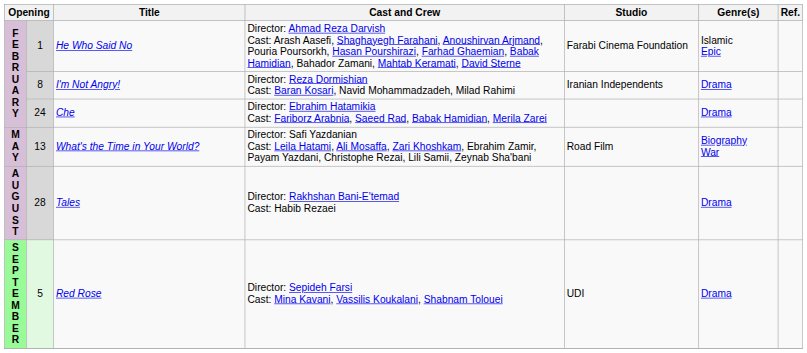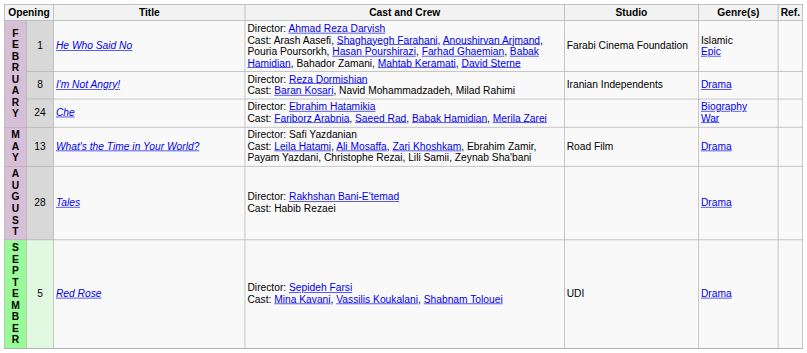 <table class="wikitable">
 <tr style="background:#b0e0e6; text-align:center;">
 <th colspan="2">Opening</th>
 <th style="width:24%;">Title</th>
 <th style="width:40%;">Cast and Crew</th>
 <th>Studio</th>
 <th style="width:10%;">Genre(s)</th>
 <th style="width:2%;">Ref.</th>
 </tr>
 <tr>
 <th rowspan="3" style="text-align:center; background:thistle; textcolor:#000;">F<br>E<br>B<br>R<br>U<br>A<br>R<br>Y</th>
 <td rowspan="1" style="text-align:center; background:#d8d8d8;">1</td>
 <td><em><a href='#'>He Who Said No</a></em></td>
 <td>Director: <a href='#'>Ahmad Reza Darvish</a> <br> Cast: Arash Aasefi, <a href='#'>Shaghayegh Farahani</a>, <a href='#'>Anoushirvan Arjmand</a>, Pouria Poursorkh, <a href='#'>Hasan Pourshirazi</a>, <a href='#'>Farhad Ghaemian</a>, <a href='#'>Babak Hamidian</a>, Bahador Zamani, <a href='#'>Mahtab Keramati</a>, <a href='#'>David Sterne</a></td>
 <td>Farabi Cinema Foundation</td>
 <td>Islamic <br> <a href='#'>Epic</a></td>
 <td style="text-align:center"></td>
 </tr>
 <tr>
 <td rowspan="1" style="text-align:center; background:#d8d8d8;">8</td>
 <td><em><a href='#'>I'm Not Angry!</a></em></td>
 <td>Director: <a href='#'>Reza Dormishian</a> <br> Cast: <a href='#'>Baran Kosari</a>, Navid Mohammadzadeh, Milad Rahimi</td>
 <td>Iranian Independents</td>
 <td><a href='#'>Drama</a></td>
 <td style="text-align:center"></td>
 </tr>
 <tr>
 <td rowspan="1" style="text-align:center; background:#d8d8d8;">24</td>
 <td><em><a href='#'>Che</a></em></td>
 <td>Director: <a href='#'>Ebrahim Hatamikia</a> <br> Cast: <a href='#'>Fariborz Arabnia</a>, <a href='#'>Saeed Rad</a>, <a href='#'>Babak Hamidian</a>, <a href='#'>Merila Zarei</a></td>
 <td></td>
-<td><a href='#'>Drama</a></td>
+<td><a href='#'>Biography</a> <br> <a href='#'>War</a></td>
 <td style="text-align:center"></td>
 </tr>
 <tr>
 <th rowspan="1" style="text-align:center; background:thistle; textcolor:#000;">M<br>A<br>Y</th>
 <td rowspan="1" style="text-align:center; background:#d8d8d8;">13</td>
 <td><em><a href='#'>What's the Time in Your World?</a></em></td>
 <td>Director: Safi Yazdanian <br> Cast: <a href='#'>Leila Hatami</a>, <a href='#'>Ali Mosaffa</a>, <a href='#'>Zari Khoshkam</a>, Ebrahim Zamir, Payam Yazdani, Christophe Rezai, Lili Samii, Zeynab Sha'bani</td>
 <td>Road Film</td>
-<td><a href='#'>Biography</a> <br> <a href='#'>War</a></td>
+<td><a href='#'>Drama</a></td>
 <td style="text-align:center"></td>
 </tr>
 <tr>
 <th rowspan="1" style="text-align:center; background:thistle; textcolor:#000;">A<br>U<br>G<br>U<br>S<br>T</th>
 <td rowspan="1" style="text-align:center; background:#d8d8d8;">28</td>
 <td><em><a href='#'>Tales</a></em></td>
 <td>Director: <a href='#'>Rakhshan Bani-E'temad</a> <br> Cast: Habib Rezaei</td>
 <td></td>
 <td><a href='#'>Drama</a></td>
 <td style="text-align:center"></td>
 </tr>
 <tr>
 <th rowspan="1" style="text-align:center; background:#98fb98; textcolor:#000;">S<br>E<br>P<br>T<br>E<br>M<br>B<br>E<br>R</th>
 <td rowspan="1" style="text-align:center; background:#e0f9e0;">5</td>
 <td><em><a href='#'>Red Rose</a></em></td>
 <td>Director: <a href='#'>Sepideh Farsi</a> <br> Cast: <a href='#'>Mina Kavani</a>, <a href='#'>Vassilis Koukalani</a>, <a href='#'>Shabnam Tolouei</a></td>
 <td>UDI</td>
 <td><a href='#'>Drama</a></td>
 <td style="text-align:center"></td>
 </tr>
 <tr>
 </tr>
 </table>
